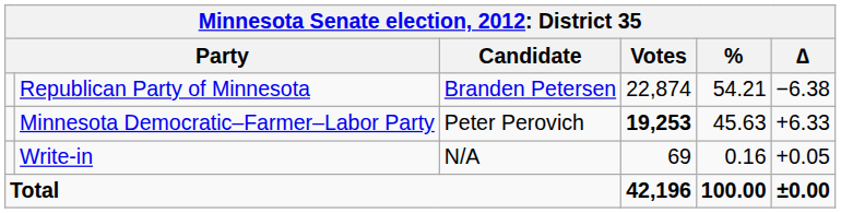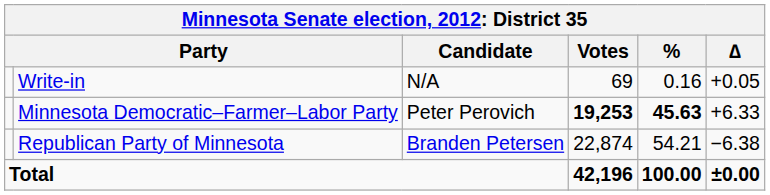 <table class="wikitable">
 <tr>
 <th colspan="6"><a href='#'>Minnesota Senate election, 2012</a>: District 35</th>
 </tr>
 <tr>
 <th colspan="2">Party</th>
 <th>Candidate</th>
 <th>Votes</th>
 <th>%</th>
 <th>∆</th>
 </tr>
 <tr>
 <td style="background-color:"></td>
-<td><a href='#'>Republican Party of Minnesota</a></td>
-<td><a href='#'>Branden Petersen</a></td>
-<td align="right">22,874</td>
-<td align="right">54.21</td>
-<td align="right">−6.38</td>
+<td><a href='#'>Write-in</a></td>
+<td>N/A</td>
+<td align="right">69</td>
+<td align="right">0.16</td>
+<td align="right">+0.05</td>
 </tr>
 <tr>
 <td style="background-color:"></td>
 <td><a href='#'>Minnesota Democratic–Farmer–Labor Party</a></td>
 <td>Peter Perovich</td>
 <td align="right"><strong>19,253</strong></td>
-<td align="right">45.63</td>
+<td align="right"><strong>45.63</strong></td>
 <td align="right">+6.33</td>
 </tr>
 <tr>
 <td style="background-color:"></td>
-<td><a href='#'>Write-in</a></td>
-<td>N/A</td>
-<td align="right">69</td>
-<td align="right">0.16</td>
-<td align="right">+0.05</td>
+<td><a href='#'>Republican Party of Minnesota</a></td>
+<td><a href='#'>Branden Petersen</a></td>
+<td align="right">22,874</td>
+<td align="right">54.21</td>
+<td align="right">−6.38</td>
 </tr>
 <tr>
 <td colspan="3"><strong>Total</strong></td>
 <td align="right"><strong>42,196</strong></td>
 <td align="right"><strong>100.00</strong></td>
 <td align="right"><strong>±0.00</strong></td>
 </tr>
 </table>
